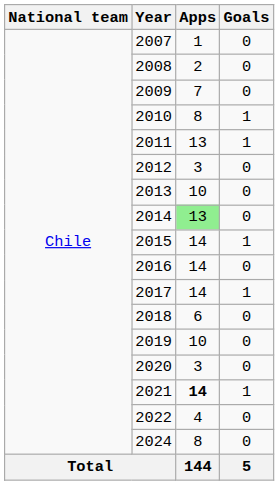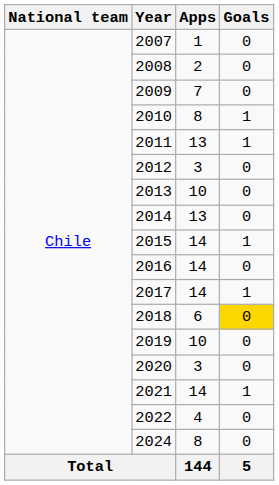 <table class="wikitable" style="text-align:center">
 <tr>
 <th>National team</th>
 <th>Year</th>
 <th>Apps</th>
 <th>Goals</th>
 </tr>
 <tr>
 <td rowspan=17><a href='#'>Chile</a></td>
 <td>2007</td>
 <td>1</td>
 <td>0</td>
 </tr>
 <tr>
 <td>2008</td>
 <td>2</td>
 <td>0</td>
 </tr>
 <tr>
 <td>2009</td>
 <td>7</td>
 <td>0</td>
 </tr>
 <tr>
 <td>2010</td>
 <td>8</td>
 <td>1</td>
 </tr>
 <tr>
 <td>2011</td>
 <td>13</td>
 <td>1</td>
 </tr>
 <tr>
 <td>2012</td>
 <td>3</td>
 <td>0</td>
 </tr>
 <tr>
 <td>2013</td>
 <td>10</td>
 <td>0</td>
 </tr>
 <tr>
 <td>2014</td>
-<td style="background: lightgreen;">13</td>
+<td>13</td>
 <td>0</td>
 </tr>
 <tr>
 <td>2015</td>
 <td>14</td>
 <td>1</td>
 </tr>
 <tr>
 <td>2016</td>
 <td>14</td>
 <td>0</td>
 </tr>
 <tr>
 <td>2017</td>
 <td>14</td>
 <td>1</td>
 </tr>
 <tr>
 <td>2018</td>
 <td>6</td>
-<td>0</td>
+<td style="background: gold;">0</td>
 </tr>
 <tr>
 <td>2019</td>
 <td>10</td>
 <td>0</td>
 </tr>
 <tr>
 <td>2020</td>
 <td>3</td>
 <td>0</td>
 </tr>
 <tr>
 <td>2021</td>
-<td><strong>14</strong></td>
+<td>14</td>
 <td>1</td>
 </tr>
 <tr>
 <td>2022</td>
 <td>4</td>
 <td>0</td>
 </tr>
 <tr>
 <td>2024</td>
 <td>8</td>
 <td>0</td>
 </tr>
 <tr>
 <th colspan=2>Total</th>
 <th>144</th>
 <th>5</th>
 </tr>
 </table>
